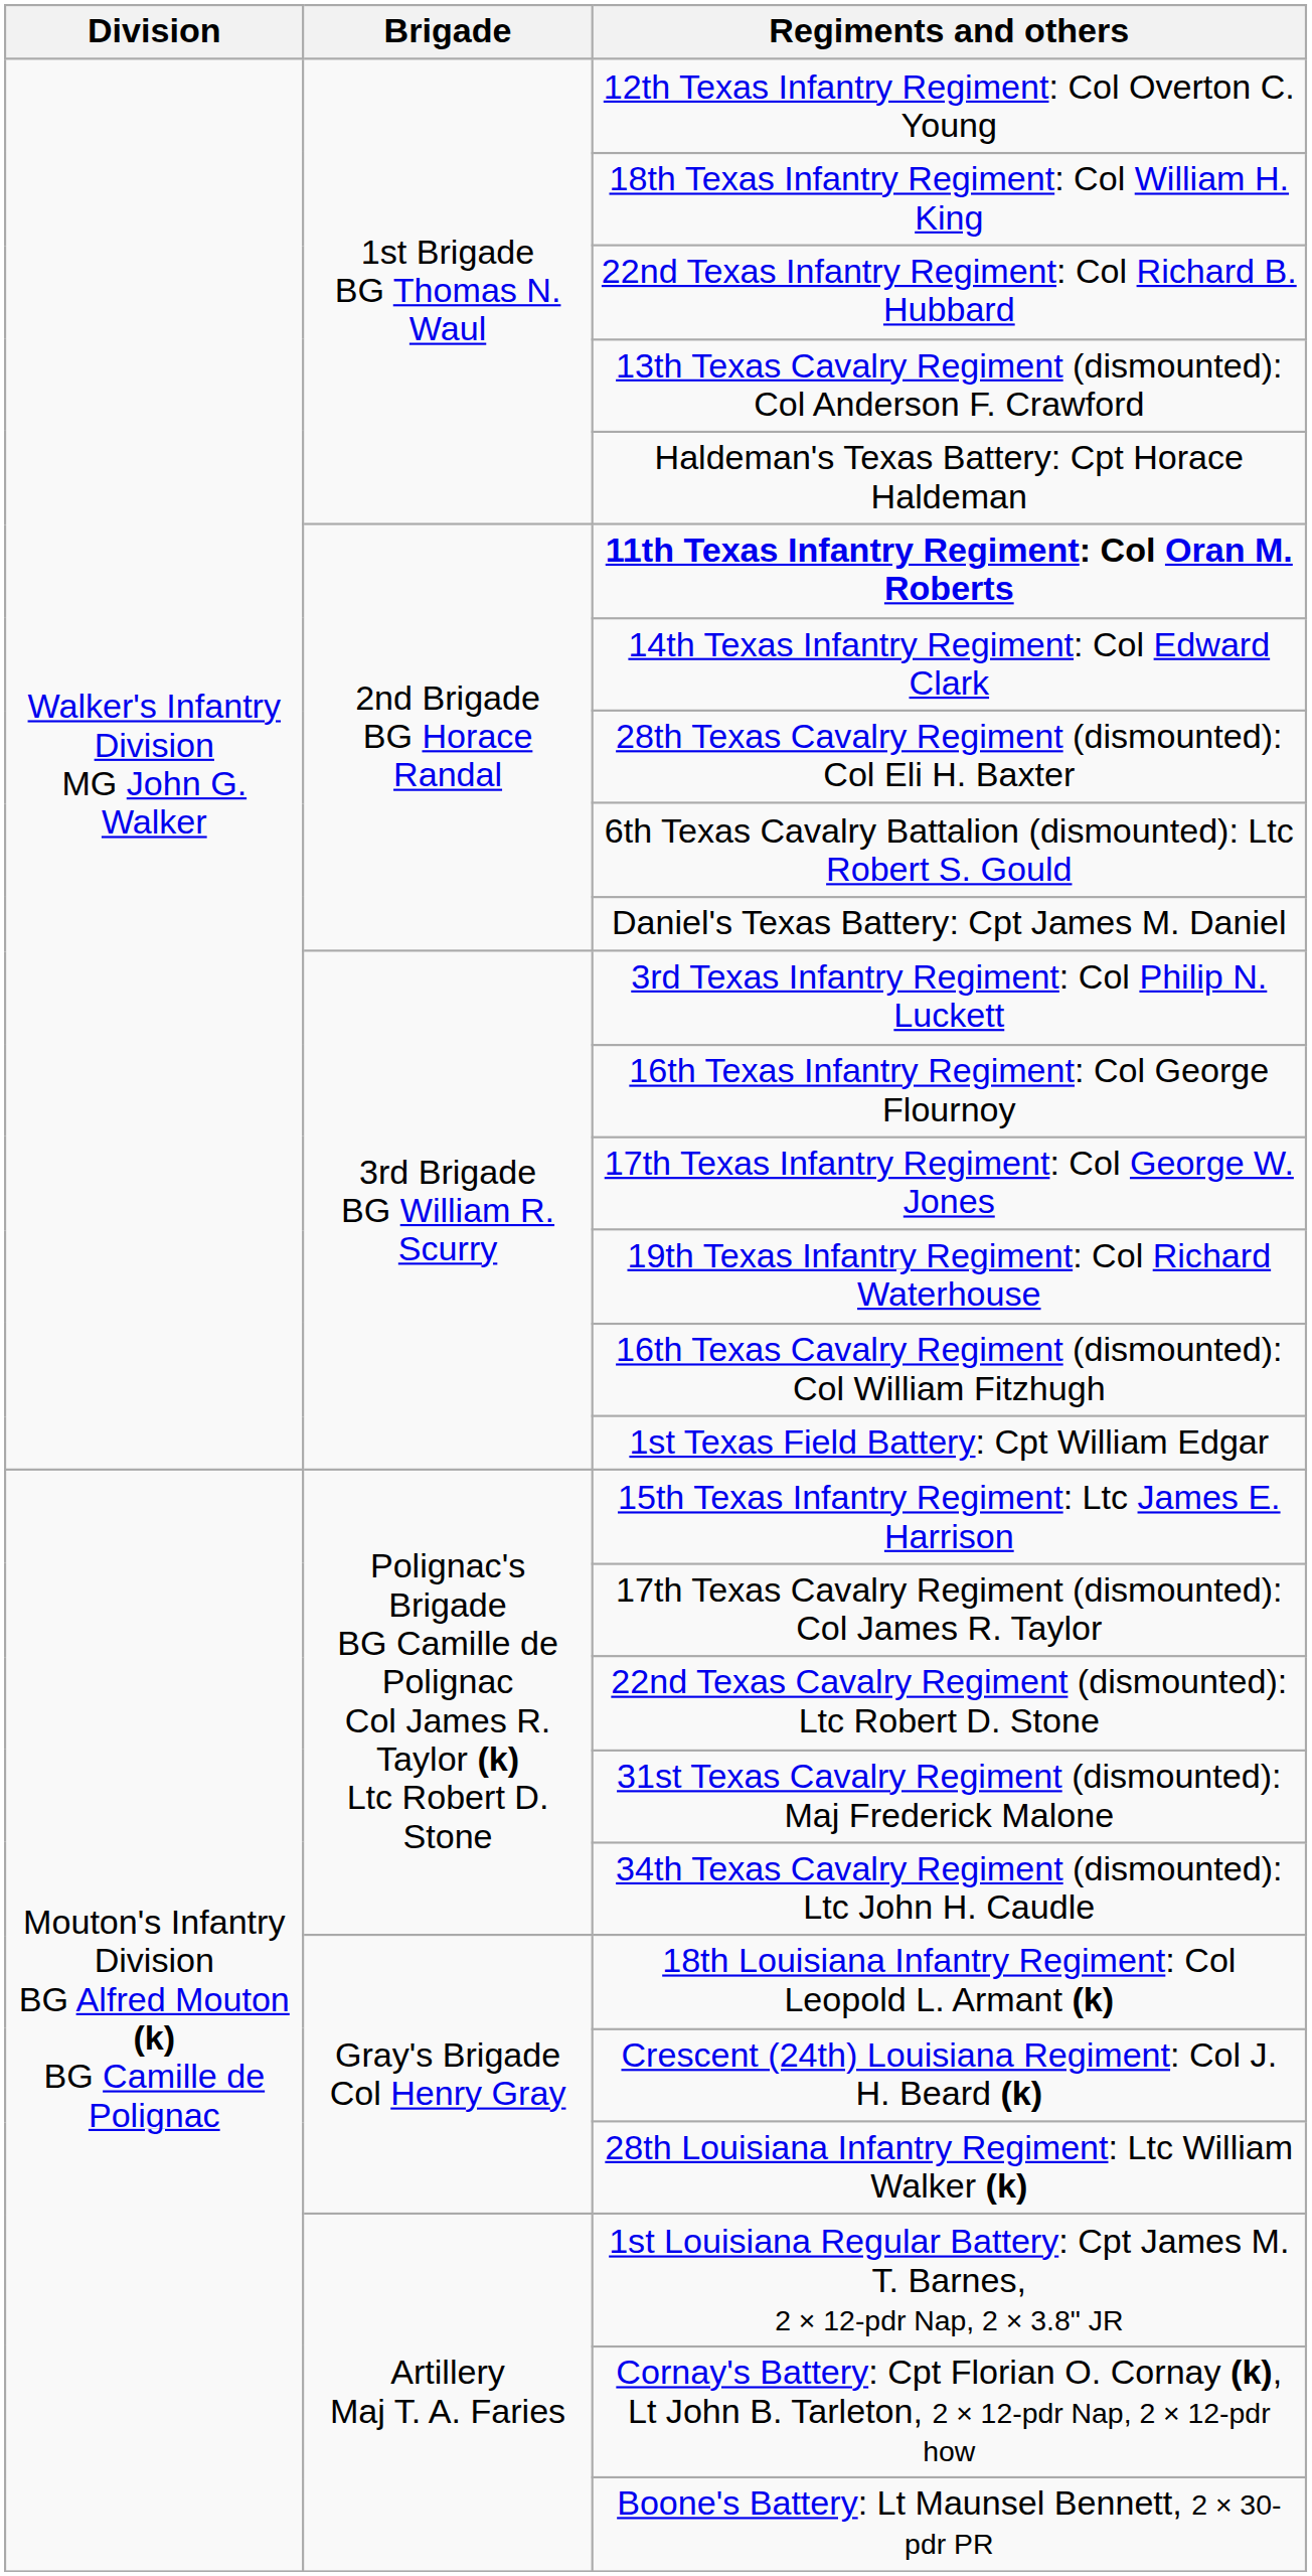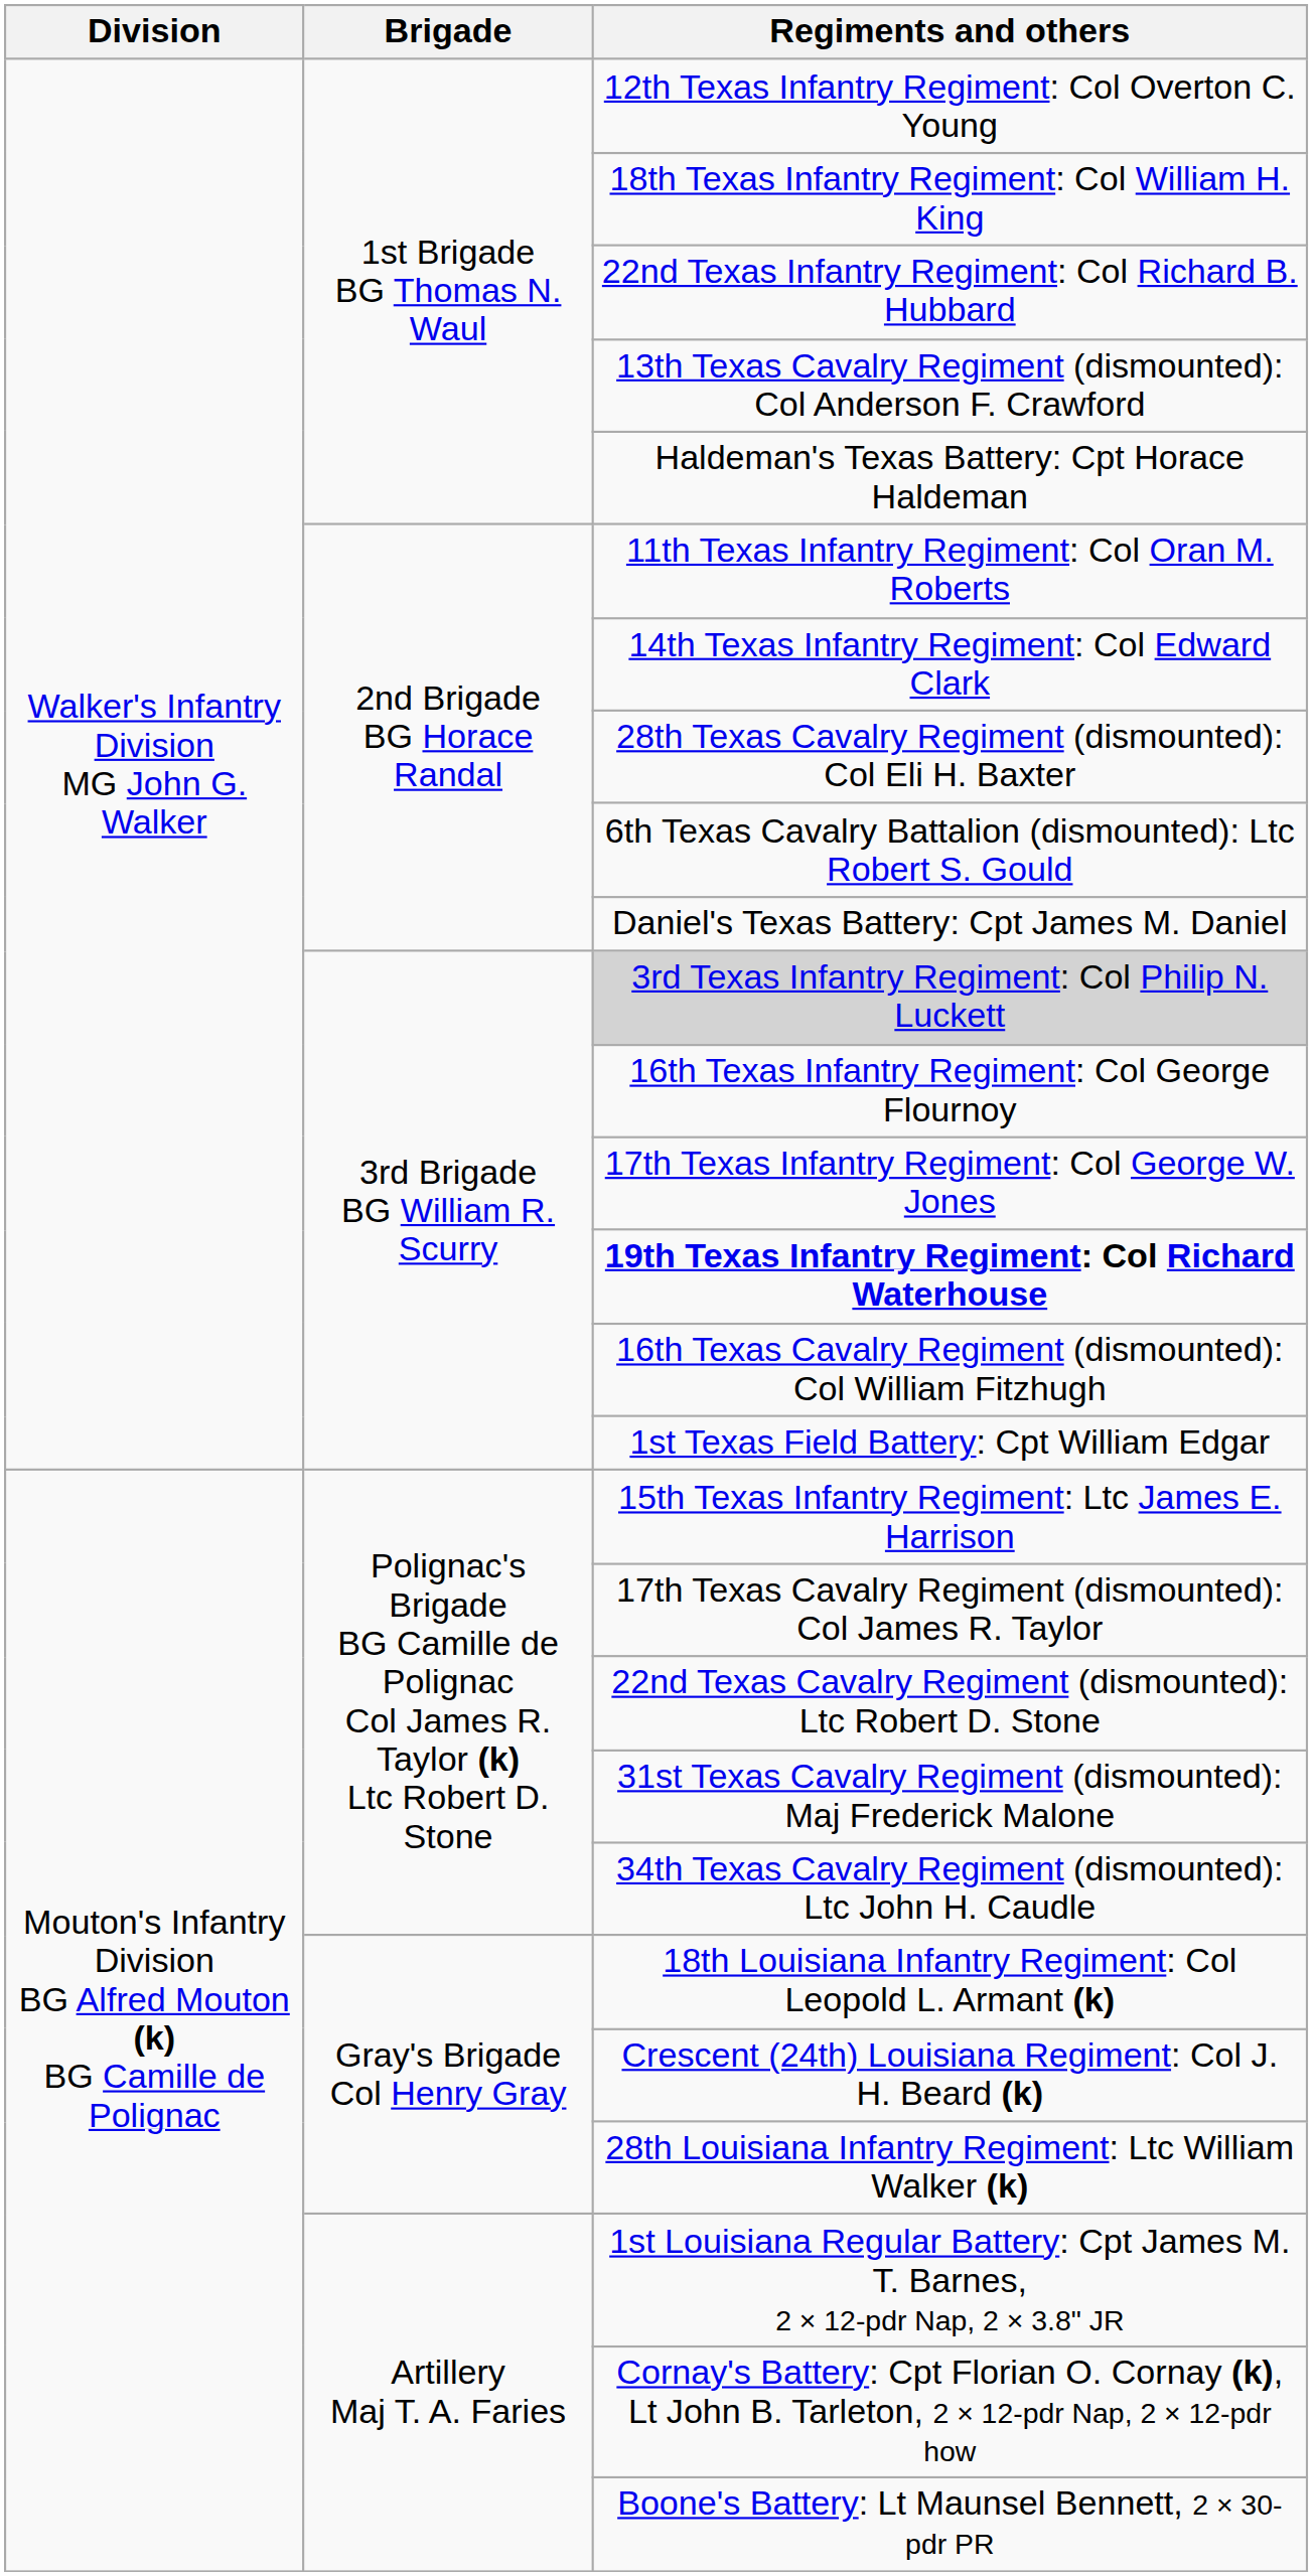 <table class="wikitable" style="text-align:center; ">
 <tr>
 <th>Division</th>
 <th>Brigade</th>
 <th>Regiments and others</th>
 </tr>
 <tr>
 <td rowspan=16><a href='#'>Walker's Infantry Division</a><br>MG <a href='#'>John G. Walker</a></td>
 <td rowspan=5>1st Brigade<br>BG <a href='#'>Thomas N. Waul</a></td>
 <td><a href='#'>12th Texas Infantry Regiment</a>: Col Overton C. Young</td>
 </tr>
 <tr>
 <td><a href='#'>18th Texas Infantry Regiment</a>: Col <a href='#'>William H. King</a></td>
 </tr>
 <tr>
 <td><a href='#'>22nd Texas Infantry Regiment</a>: Col <a href='#'>Richard B. Hubbard</a></td>
 </tr>
 <tr>
 <td><a href='#'>13th Texas Cavalry Regiment</a> (dismounted): Col Anderson F. Crawford</td>
 </tr>
 <tr>
 <td>Haldeman's Texas Battery: Cpt Horace Haldeman</td>
 </tr>
 <tr>
 <td rowspan=5>2nd Brigade<br>BG <a href='#'>Horace Randal</a></td>
-<td><strong><a href='#'>11th Texas Infantry Regiment</a>: Col <a href='#'>Oran M. Roberts</a></strong></td>
+<td><a href='#'>11th Texas Infantry Regiment</a>: Col <a href='#'>Oran M. Roberts</a></td>
 </tr>
 <tr>
 <td><a href='#'>14th Texas Infantry Regiment</a>: Col <a href='#'>Edward Clark</a></td>
 </tr>
 <tr>
 <td><a href='#'>28th Texas Cavalry Regiment</a> (dismounted): Col Eli H. Baxter</td>
 </tr>
 <tr>
 <td>6th Texas Cavalry Battalion (dismounted): Ltc <a href='#'>Robert S. Gould</a></td>
 </tr>
 <tr>
 <td>Daniel's Texas Battery: Cpt James M. Daniel</td>
 </tr>
 <tr>
 <td rowspan=6>3rd Brigade<br>BG <a href='#'>William R. Scurry</a></td>
-<td><a href='#'>3rd Texas Infantry Regiment</a>: Col <a href='#'>Philip N. Luckett</a></td>
+<td style="background: lightgrey;"><a href='#'>3rd Texas Infantry Regiment</a>: Col <a href='#'>Philip N. Luckett</a></td>
 </tr>
 <tr>
 <td><a href='#'>16th Texas Infantry Regiment</a>: Col George Flournoy</td>
 </tr>
 <tr>
 <td><a href='#'>17th Texas Infantry Regiment</a>: Col <a href='#'>George W. Jones</a></td>
 </tr>
 <tr>
-<td><a href='#'>19th Texas Infantry Regiment</a>: Col <a href='#'>Richard Waterhouse</a></td>
+<td><strong><a href='#'>19th Texas Infantry Regiment</a>: Col <a href='#'>Richard Waterhouse</a></strong></td>
 </tr>
 <tr>
 <td><a href='#'>16th Texas Cavalry Regiment</a> (dismounted): Col William Fitzhugh</td>
 </tr>
 <tr>
 <td><a href='#'>1st Texas Field Battery</a>: Cpt William Edgar</td>
 </tr>
 <tr>
 <td rowspan=11>Mouton's Infantry Division<br>BG <a href='#'>Alfred Mouton</a> <strong>(k)</strong><br>BG <a href='#'>Camille de Polignac</a></td>
 <td rowspan=5>Polignac's Brigade<br>BG Camille de Polignac<br>Col James R. Taylor <strong>(k)</strong><br>Ltc Robert D. Stone</td>
 <td><a href='#'>15th Texas Infantry Regiment</a>: Ltc <a href='#'>James E. Harrison</a></td>
 </tr>
 <tr>
 <td>17th Texas Cavalry Regiment (dismounted): Col James R. Taylor</td>
 </tr>
 <tr>
 <td><a href='#'>22nd Texas Cavalry Regiment</a> (dismounted): Ltc Robert D. Stone</td>
 </tr>
 <tr>
 <td><a href='#'>31st Texas Cavalry Regiment</a> (dismounted): Maj Frederick Malone</td>
 </tr>
 <tr>
 <td><a href='#'>34th Texas Cavalry Regiment</a> (dismounted): Ltc John H. Caudle</td>
 </tr>
 <tr>
 <td rowspan=3>Gray's Brigade<br>Col <a href='#'>Henry Gray</a></td>
 <td><a href='#'>18th Louisiana Infantry Regiment</a>: Col Leopold L. Armant <strong>(k)</strong></td>
 </tr>
 <tr>
 <td><a href='#'>Crescent (24th) Louisiana Regiment</a>: Col J. H. Beard <strong>(k)</strong></td>
 </tr>
 <tr>
 <td><a href='#'>28th Louisiana Infantry Regiment</a>: Ltc William Walker <strong>(k)</strong></td>
 </tr>
 <tr>
 <td rowspan=3>Artillery<br>Maj T. A. Faries</td>
 <td><a href='#'>1st Louisiana Regular Battery</a>: Cpt James M. T. Barnes,<br><small>2 × 12-pdr Nap, 2 × 3.8" JR</small></td>
 </tr>
 <tr>
 <td><a href='#'>Cornay's Battery</a>: Cpt Florian O. Cornay <strong>(k)</strong>,<br>Lt John B. Tarleton, <small>2 × 12-pdr Nap, 2 × 12-pdr how</small></td>
 </tr>
 <tr>
 <td><a href='#'>Boone's Battery</a>: Lt Maunsel Bennett, <small>2 × 30-pdr PR</small></td>
 </tr>
 <tr>
 </tr>
 </table>
